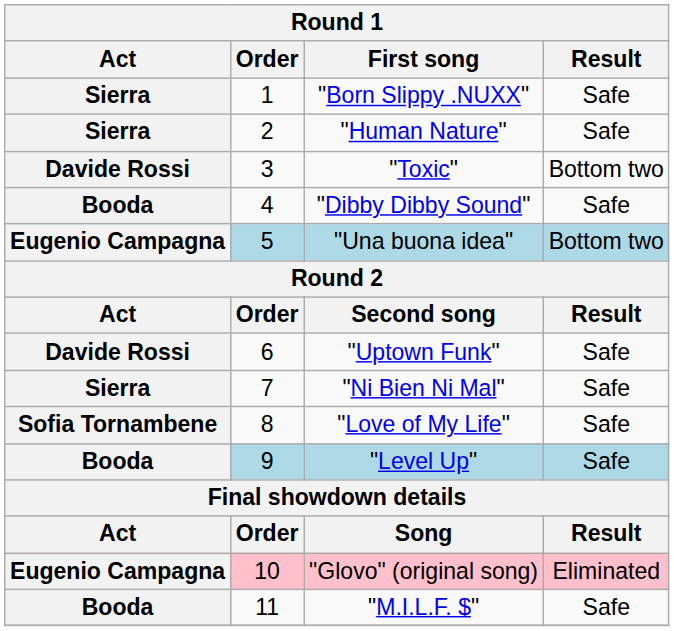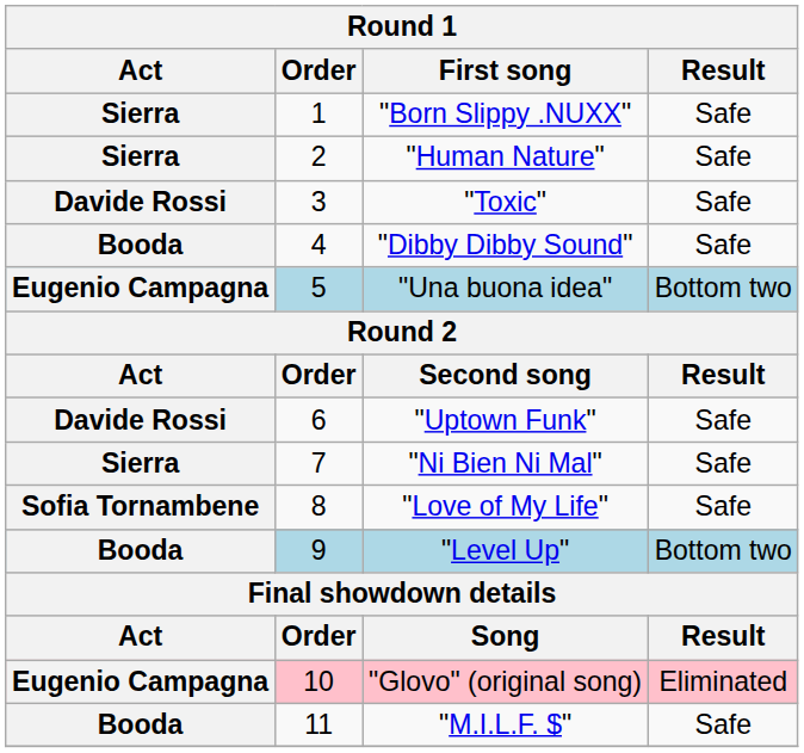 <table class="wikitable plainrowheaders" style="text-align:center;">
 <tr>
 <th colspan="4">Round 1</th>
 </tr>
 <tr>
 <th>Act</th>
 <th>Order</th>
 <th>First song</th>
 <th>Result</th>
 </tr>
 <tr>
 <th scope=row>Sierra</th>
 <td>1</td>
 <td>"<a href='#'>Born Slippy .NUXX</a>"</td>
 <td>Safe</td>
 </tr>
 <tr>
 <th scope=row>Sierra</th>
 <td>2</td>
 <td>"<a href='#'>Human Nature</a>"</td>
 <td>Safe</td>
 </tr>
 <tr>
 <th scope=row>Davide Rossi</th>
 <td>3</td>
 <td>"<a href='#'>Toxic</a>"</td>
-<td>Bottom two</td>
+<td>Safe</td>
 </tr>
 <tr>
 <th scope=row>Booda</th>
 <td>4</td>
 <td>"<a href='#'>Dibby Dibby Sound</a>"</td>
 <td>Safe</td>
 </tr>
 <tr style="background:lightblue;">
 <th scope=row>Eugenio Campagna</th>
 <td>5</td>
 <td>"Una buona idea"</td>
 <td>Bottom two</td>
 </tr>
 <tr>
 <th colspan="4">Round 2</th>
 </tr>
 <tr>
 <th>Act</th>
 <th>Order</th>
 <th>Second song</th>
 <th>Result</th>
 </tr>
 <tr>
 <th scope=row>Davide Rossi</th>
 <td>6</td>
 <td>"<a href='#'>Uptown Funk</a>"</td>
 <td>Safe</td>
 </tr>
 <tr>
 <th scope=row>Sierra</th>
 <td>7</td>
 <td>"<a href='#'>Ni Bien Ni Mal</a>"</td>
 <td>Safe</td>
 </tr>
 <tr>
 <th scope=row>Sofia Tornambene</th>
 <td>8</td>
 <td>"<a href='#'>Love of My Life</a>"</td>
 <td>Safe</td>
 </tr>
 <tr style="background:lightblue;">
 <th scope=row>Booda</th>
 <td>9</td>
 <td>"<a href='#'>Level Up</a>"</td>
-<td>Safe</td>
+<td>Bottom two</td>
 </tr>
 <tr>
 <th colspan="7">Final showdown details</th>
 </tr>
 <tr>
 <th>Act</th>
 <th>Order</th>
 <th>Song</th>
 <th>Result</th>
 </tr>
 <tr style="background:pink;">
 <th scope="row">Eugenio Campagna</th>
 <td>10</td>
 <td>"Glovo" (original song)</td>
 <td colspan="2">Eliminated</td>
 </tr>
 <tr>
 <th scope="row">Booda</th>
 <td>11</td>
 <td>"<a href='#'>M.I.L.F. $</a>"</td>
 <td colspan="2">Safe</td>
 </tr>
 <tr>
 </tr>
 </table>
